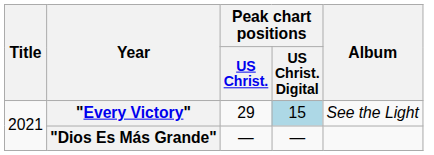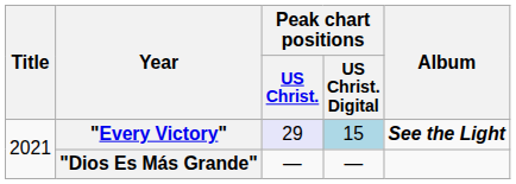 <table class="wikitable plainrowheaders" style="text-align:center;">
 <tr>
 <th scope="col" rowspan="2">Title</th>
 <th scope="col" rowspan="2">Year</th>
 <th scope="col" colspan="2">Peak chart positions</th>
 <th scope="col" rowspan="2">Album</th>
 </tr>
 <tr>
 <th scope="col" style="width:3em;font-size:90%;"><a href='#'>US<br>Christ.</a><br></th>
 <th scope="col" style="width:3em;font-size:90%;">US Christ.<br>Digital<br></th>
 </tr>
 <tr>
 <td rowspan="2">2021</td>
 <th scope="row">"<a href='#'>Every Victory</a>"<br></th>
-<td>29</td>
+<td style="background: lavender;">29</td>
 <td style="background: lightblue;">15</td>
-<td><em>See the Light</em></td>
+<td><strong><em>See the Light</em></strong></td>
 </tr>
 <tr>
 <th scope="row">"Dios Es Más Grande"<br> </th>
 <td>—</td>
 <td>—</td>
 <td></td>
 </tr>
 </table>
